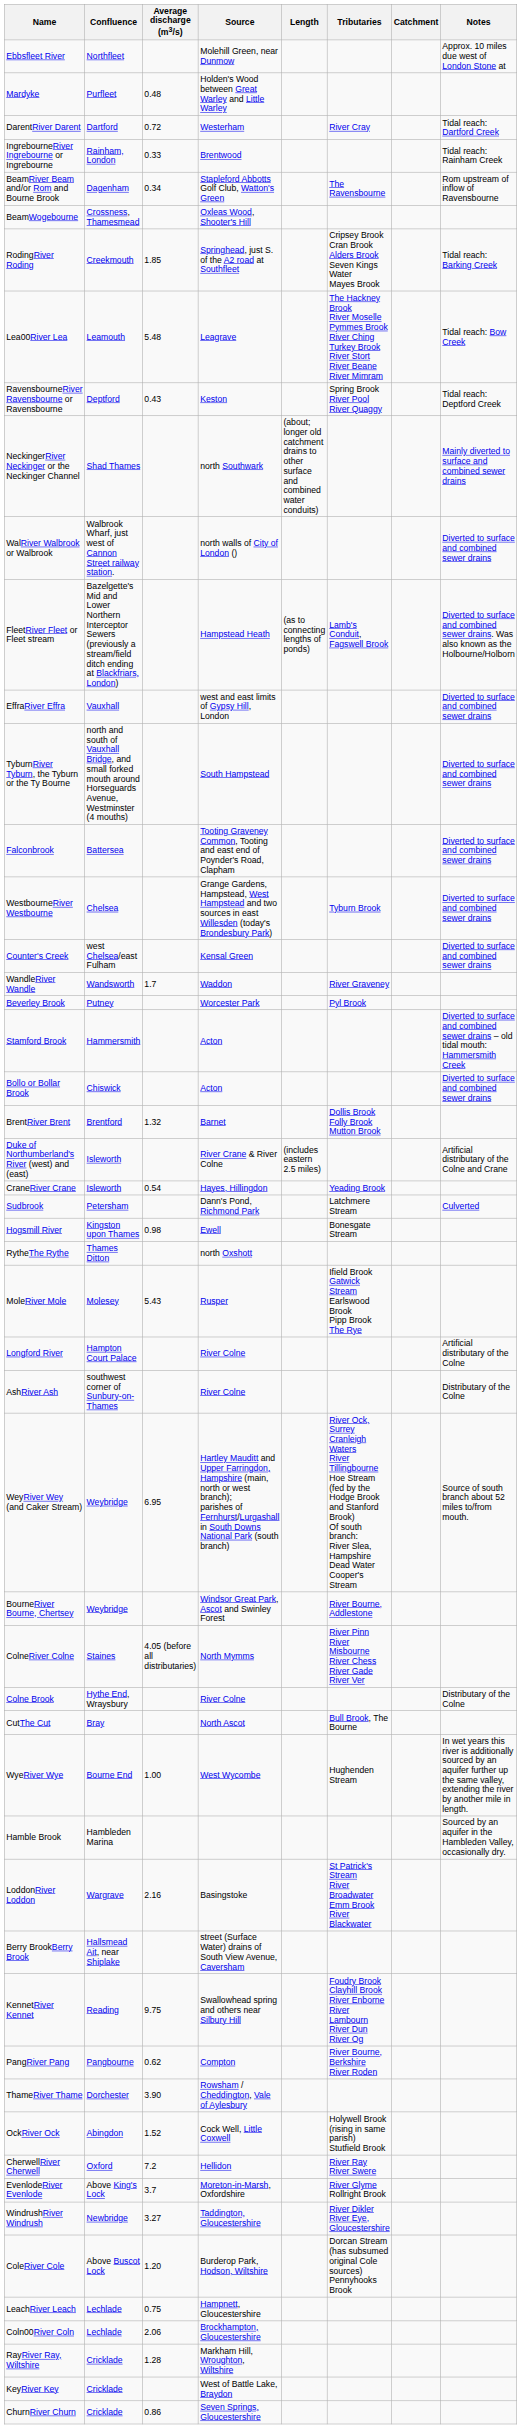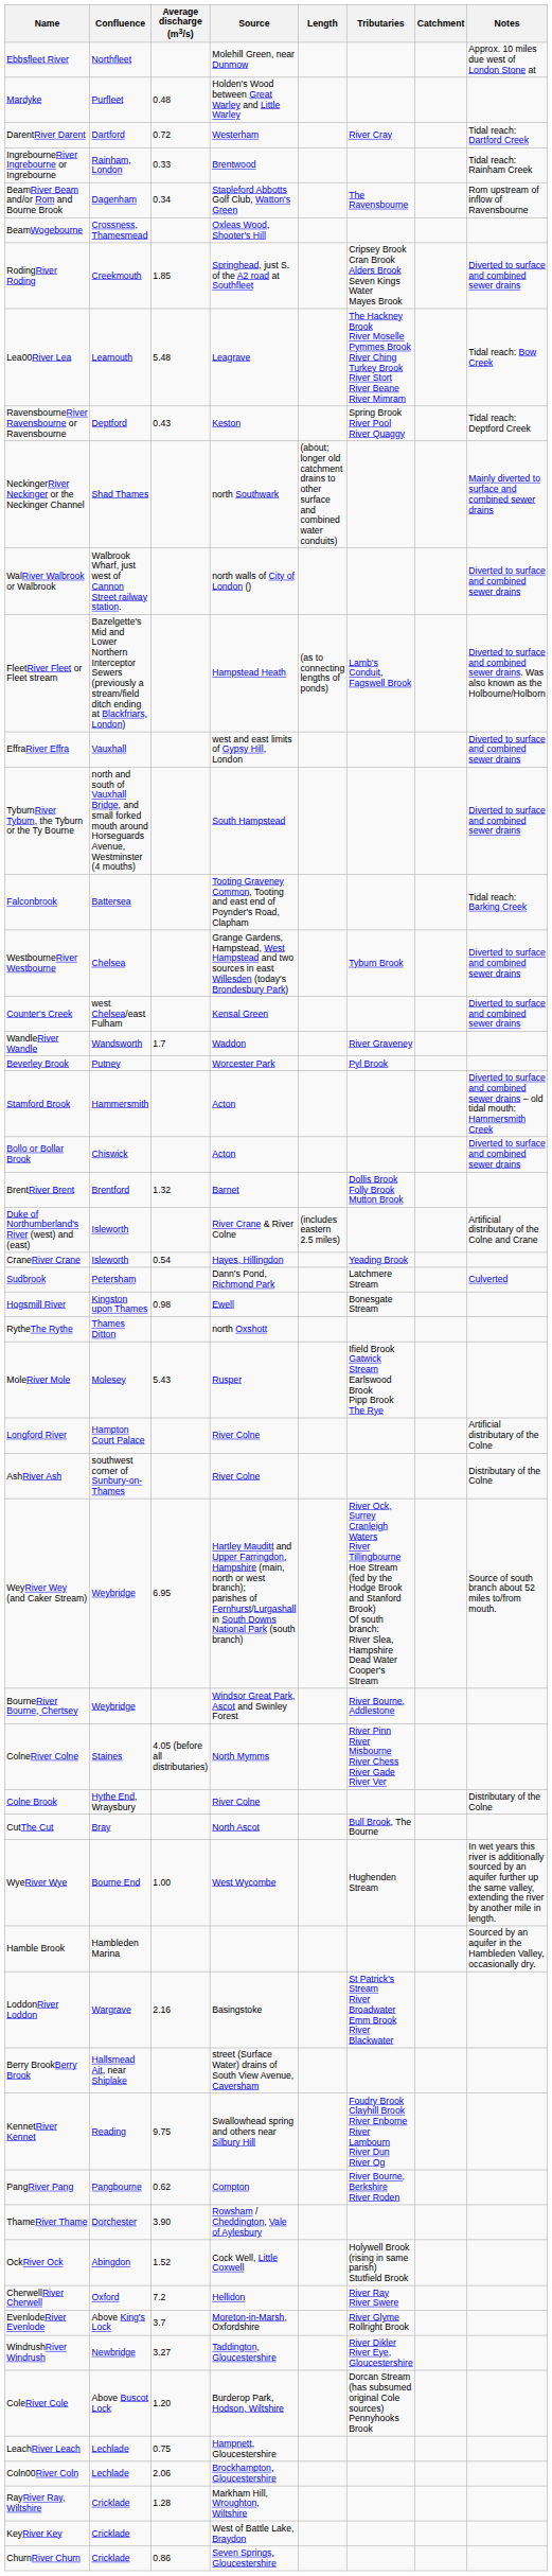 <table class="wikitable sortable">
 <tr>
 <th>Name</th>
 <th class="unsortable">Confluence</th>
 <th>Average<br>discharge<br>(m<sup>3</sup>/s)</th>
 <th class="unsortable">Source</th>
 <th>Length</th>
 <th class="unsortable">Tributaries</th>
 <th>Catchment</th>
 <th class="unsortable">Notes</th>
 </tr>
 <tr>
 <td><a href='#'>Ebbsfleet River</a></td>
 <td><a href='#'>Northfleet</a><br> </td>
 <td></td>
 <td>Molehill Green, near <a href='#'>Dunmow</a></td>
 <td></td>
 <td></td>
 <td></td>
 <td>Approx. 10 miles due west of <a href='#'>London Stone</a> at </td>
 </tr>
 <tr>
 <td><a href='#'>Mardyke</a></td>
 <td><a href='#'>Purfleet</a><br></td>
 <td>0.48</td>
 <td>Holden's Wood between <a href='#'>Great Warley</a> and <a href='#'>Little Warley</a></td>
 <td></td>
 <td></td>
 <td></td>
 <td></td>
 </tr>
 <tr>
 <td><span>Darent</span><a href='#'>River Darent</a></td>
 <td><a href='#'>Dartford</a><br></td>
 <td>0.72</td>
 <td><a href='#'>Westerham</a></td>
 <td></td>
 <td><a href='#'>River Cray</a></td>
 <td></td>
 <td>Tidal reach: <a href='#'>Dartford Creek</a></td>
 </tr>
 <tr>
 <td><span>Ingrebourne</span><a href='#'>River Ingrebourne</a> or Ingrebourne</td>
 <td><a href='#'>Rainham, London</a><br></td>
 <td>0.33</td>
 <td><a href='#'>Brentwood</a></td>
 <td></td>
 <td></td>
 <td></td>
 <td>Tidal reach: Rainham Creek</td>
 </tr>
 <tr>
 <td><span>Beam</span><a href='#'>River Beam</a> and/or <a href='#'>Rom</a> and Bourne Brook</td>
 <td><a href='#'>Dagenham</a><br></td>
 <td>0.34</td>
 <td><a href='#'>Stapleford Abbotts</a> Golf Club, <a href='#'>Watton's Green</a></td>
 <td></td>
 <td><a href='#'>The Ravensbourne</a></td>
 <td></td>
 <td>Rom upstream of inflow of Ravensbourne</td>
 </tr>
 <tr>
 <td><span>Beam</span><a href='#'>Wogebourne</a></td>
 <td><a href='#'>Crossness</a>, <a href='#'>Thamesmead</a><br></td>
 <td></td>
 <td><a href='#'>Oxleas Wood</a>, <a href='#'>Shooter's Hill</a></td>
 <td></td>
 <td></td>
 <td></td>
 <td></td>
 </tr>
 <tr>
 <td><span>Roding</span><a href='#'>River Roding</a></td>
 <td><a href='#'>Creekmouth</a><br></td>
 <td>1.85</td>
 <td><a href='#'>Springhead</a>, just S. of the <a href='#'>A2 road</a> at <a href='#'>Southfleet</a></td>
 <td></td>
 <td>Cripsey Brook<br>Cran Brook<br><a href='#'>Alders Brook</a><br> Seven Kings Water <br> Mayes Brook</td>
 <td></td>
-<td>Tidal reach: <a href='#'>Barking Creek</a></td>
+<td><a href='#'>Diverted to surface and combined sewer drains</a></td>
 </tr>
 <tr>
 <td><span>Lea00</span><a href='#'>River Lea</a></td>
 <td><a href='#'>Leamouth</a><br></td>
 <td>5.48</td>
 <td><a href='#'>Leagrave</a></td>
 <td></td>
 <td><a href='#'>The Hackney Brook</a> <br> <a href='#'>River Moselle</a> <br> <a href='#'>Pymmes Brook</a> <br> <a href='#'>River Ching</a> <br> <a href='#'>Turkey Brook</a> <br> <a href='#'>River Stort</a> <br> <a href='#'>River Beane</a> <br> <a href='#'>River Mimram</a></td>
 <td></td>
 <td>Tidal reach: <a href='#'>Bow Creek</a></td>
 </tr>
 <tr>
 <td><span>Ravensbourne</span><a href='#'>River Ravensbourne</a> or Ravensbourne</td>
 <td><a href='#'>Deptford</a><br></td>
 <td>0.43</td>
 <td><a href='#'>Keston</a></td>
 <td></td>
 <td>Spring Brook <br> <a href='#'>River Pool</a> <br> <a href='#'>River Quaggy</a></td>
 <td></td>
 <td>Tidal reach: Deptford Creek</td>
 </tr>
 <tr>
 <td><span>Neckinger</span><a href='#'>River Neckinger</a> or the Neckinger Channel</td>
 <td><a href='#'>Shad Thames</a><br></td>
 <td></td>
 <td>north <a href='#'>Southwark</a></td>
 <td> (about; longer old catchment drains to other surface and combined water conduits)</td>
 <td></td>
 <td></td>
 <td><a href='#'>Mainly diverted to surface and combined sewer drains</a></td>
 </tr>
 <tr>
 <td><span>Wal</span><a href='#'>River Walbrook</a> or Walbrook</td>
 <td>Walbrook Wharf, just west of <a href='#'>Cannon Street railway station</a>.<br></td>
 <td></td>
 <td>north walls of <a href='#'>City of London</a> ()</td>
 <td></td>
 <td></td>
 <td></td>
 <td><a href='#'>Diverted to surface and combined sewer drains</a></td>
 </tr>
 <tr>
 <td><span>Fleet</span><a href='#'>River Fleet</a> or Fleet stream</td>
 <td>Bazelgette's Mid and Lower Northern Interceptor Sewers (previously a stream/field ditch ending at <a href='#'>Blackfriars, London</a>)<br></td>
 <td></td>
 <td><a href='#'>Hampstead Heath</a></td>
 <td> (as to connecting lengths of ponds)</td>
 <td><a href='#'>Lamb's Conduit</a>, <a href='#'>Fagswell Brook</a></td>
 <td></td>
 <td><a href='#'>Diverted to surface and combined sewer drains</a>. Was also known as the Holbourne/Holborn</td>
 </tr>
 <tr>
 <td><span>Effra</span><a href='#'>River Effra</a></td>
 <td><a href='#'>Vauxhall</a><br></td>
 <td></td>
 <td>west and east limits of <a href='#'>Gypsy Hill</a>, London</td>
 <td></td>
 <td></td>
 <td></td>
 <td><a href='#'>Diverted to surface and combined sewer drains</a></td>
 </tr>
 <tr>
 <td><span>Tyburn</span><a href='#'>River Tyburn</a>, the Tyburn or the Ty Bourne</td>
 <td>north and south of <a href='#'>Vauxhall Bridge</a>, and small forked mouth around Horseguards Avenue, Westminster (4 mouths)<br></td>
 <td></td>
 <td><a href='#'>South Hampstead</a></td>
 <td></td>
 <td></td>
 <td></td>
 <td><a href='#'>Diverted to surface and combined sewer drains</a></td>
 </tr>
 <tr>
 <td><a href='#'>Falconbrook</a></td>
 <td><a href='#'>Battersea</a><br></td>
 <td></td>
 <td><a href='#'>Tooting Graveney Common</a>, Tooting and east end of Poynder's Road, Clapham</td>
 <td></td>
 <td></td>
 <td></td>
-<td><a href='#'>Diverted to surface and combined sewer drains</a></td>
+<td>Tidal reach: <a href='#'>Barking Creek</a></td>
 </tr>
 <tr>
 <td><span>Westbourne</span><a href='#'>River Westbourne</a></td>
 <td><a href='#'>Chelsea</a><br></td>
 <td></td>
 <td>Grange Gardens, Hampstead, <a href='#'>West Hampstead</a> and two sources in east <a href='#'>Willesden</a> (today's <a href='#'>Brondesbury Park</a>)</td>
 <td></td>
 <td><a href='#'>Tyburn Brook</a></td>
 <td></td>
 <td><a href='#'>Diverted to surface and combined sewer drains</a></td>
 </tr>
 <tr>
 <td><a href='#'>Counter's Creek</a></td>
 <td>west <a href='#'>Chelsea</a>/east Fulham<br></td>
 <td></td>
 <td><a href='#'>Kensal Green</a></td>
 <td></td>
 <td></td>
 <td></td>
 <td><a href='#'>Diverted to surface and combined sewer drains</a></td>
 </tr>
 <tr>
 <td><span>Wandle</span><a href='#'>River Wandle</a></td>
 <td><a href='#'>Wandsworth</a><br></td>
 <td>1.7</td>
 <td><a href='#'>Waddon</a></td>
 <td></td>
 <td><a href='#'>River Graveney</a></td>
 <td></td>
 <td></td>
 </tr>
 <tr>
 <td><a href='#'>Beverley Brook</a></td>
 <td><a href='#'>Putney</a><br></td>
 <td></td>
 <td><a href='#'>Worcester Park</a></td>
 <td></td>
 <td><a href='#'>Pyl Brook</a></td>
 <td></td>
 <td></td>
 </tr>
 <tr>
 <td><a href='#'>Stamford Brook</a></td>
 <td><a href='#'>Hammersmith</a><br></td>
 <td></td>
 <td><a href='#'>Acton</a></td>
 <td></td>
 <td></td>
 <td></td>
 <td><a href='#'>Diverted to surface and combined sewer drains</a> – old tidal mouth: <a href='#'>Hammersmith Creek</a></td>
 </tr>
 <tr>
 <td><a href='#'>Bollo or Bollar Brook</a></td>
 <td><a href='#'>Chiswick</a><br></td>
 <td></td>
 <td><a href='#'>Acton</a></td>
 <td></td>
 <td></td>
 <td></td>
 <td><a href='#'>Diverted to surface and combined sewer drains</a></td>
 </tr>
 <tr>
 <td><span>Brent</span><a href='#'>River Brent</a></td>
 <td><a href='#'>Brentford</a><br></td>
 <td>1.32</td>
 <td><a href='#'>Barnet</a></td>
 <td></td>
 <td><a href='#'>Dollis Brook</a> <br><a href='#'>Folly Brook</a> <br> <a href='#'>Mutton Brook</a></td>
 <td></td>
 <td></td>
 </tr>
 <tr>
 <td><a href='#'>Duke of Northumberland's River</a> (west) and (east)</td>
 <td><a href='#'>Isleworth</a><br></td>
 <td></td>
 <td><a href='#'>River Crane</a> & River Colne</td>
 <td> (includes eastern 2.5 miles)</td>
 <td></td>
 <td></td>
 <td>Artificial distributary of the Colne and Crane</td>
 </tr>
 <tr>
 <td><span>Crane</span><a href='#'>River Crane</a></td>
 <td><a href='#'>Isleworth</a><br></td>
 <td>0.54</td>
 <td><a href='#'>Hayes, Hillingdon</a></td>
 <td></td>
 <td><a href='#'>Yeading Brook</a></td>
 <td></td>
 <td></td>
 </tr>
 <tr>
 <td><a href='#'>Sudbrook</a></td>
 <td><a href='#'>Petersham</a><br></td>
 <td></td>
 <td>Dann's Pond, <a href='#'>Richmond Park</a></td>
 <td></td>
 <td>Latchmere Stream</td>
 <td></td>
 <td><a href='#'>Culverted</a></td>
 </tr>
 <tr>
 <td><a href='#'>Hogsmill River</a></td>
 <td><a href='#'>Kingston upon Thames</a><br></td>
 <td>0.98</td>
 <td><a href='#'>Ewell</a></td>
 <td></td>
 <td>Bonesgate Stream</td>
 <td></td>
 <td></td>
 </tr>
 <tr>
 <td><span>Rythe</span><a href='#'>The Rythe</a></td>
 <td><a href='#'>Thames Ditton</a><br></td>
 <td></td>
 <td>north <a href='#'>Oxshott</a></td>
 <td></td>
 <td></td>
 <td></td>
 <td></td>
 </tr>
 <tr>
 <td><span>Mole</span><a href='#'>River Mole</a></td>
 <td><a href='#'>Molesey</a><br></td>
 <td>5.43</td>
 <td><a href='#'>Rusper</a></td>
 <td></td>
 <td>Ifield Brook<br><a href='#'>Gatwick Stream</a><br>Earlswood Brook<br>Pipp Brook<br> <a href='#'>The Rye</a></td>
 <td></td>
 <td></td>
 </tr>
 <tr>
 <td><a href='#'>Longford River</a></td>
 <td><a href='#'>Hampton Court Palace</a><br></td>
 <td></td>
 <td><a href='#'>River Colne</a></td>
 <td></td>
 <td></td>
 <td></td>
 <td>Artificial distributary of the Colne</td>
 </tr>
 <tr>
 <td><span>Ash</span><a href='#'>River Ash</a></td>
 <td>southwest corner of <a href='#'>Sunbury-on-Thames</a><br></td>
 <td></td>
 <td><a href='#'>River Colne</a></td>
 <td></td>
 <td></td>
 <td></td>
 <td>Distributary of the Colne</td>
 </tr>
 <tr>
 <td><span>Wey</span><a href='#'>River Wey</a> (and Caker Stream)</td>
 <td><a href='#'>Weybridge</a><br></td>
 <td>6.95</td>
 <td><a href='#'>Hartley Mauditt</a> and <a href='#'>Upper Farringdon, Hampshire</a> (main, north or west branch);<br>parishes of <a href='#'>Fernhurst</a>/<a href='#'>Lurgashall</a> in <a href='#'>South Downs National Park</a> (south branch)</td>
 <td></td>
 <td><a href='#'>River Ock, Surrey</a> <br> <a href='#'>Cranleigh Waters</a><br><a href='#'>River Tillingbourne</a> <br> Hoe Stream (fed by the Hodge Brook and Stanford Brook)<br>Of south branch:<br>River Slea, Hampshire<br>Dead Water<br>Cooper's Stream</td>
 <td></td>
 <td>Source of south branch about 52 miles to/from mouth.</td>
 </tr>
 <tr>
 <td><span>Bourne</span><a href='#'>River Bourne, Chertsey</a></td>
 <td><a href='#'>Weybridge</a><br></td>
 <td></td>
 <td><a href='#'>Windsor Great Park</a>, <a href='#'>Ascot</a> and Swinley Forest</td>
 <td></td>
 <td><a href='#'>River Bourne, Addlestone</a></td>
 <td></td>
 <td></td>
 </tr>
 <tr>
 <td><span>Colne</span><a href='#'>River Colne</a></td>
 <td><a href='#'>Staines</a><br></td>
 <td>4.05 (before all distributaries)</td>
 <td><a href='#'>North Mymms</a></td>
 <td></td>
 <td><a href='#'>River Pinn</a><br> <a href='#'>River Misbourne</a><br> <a href='#'>River Chess</a><br> <a href='#'>River Gade</a><br> <a href='#'>River Ver</a></td>
 <td></td>
 <td></td>
 </tr>
 <tr>
 <td><a href='#'>Colne Brook</a></td>
 <td><a href='#'>Hythe End</a>, Wraysbury<br></td>
 <td></td>
 <td><a href='#'>River Colne</a></td>
 <td></td>
 <td></td>
 <td></td>
 <td>Distributary of the Colne</td>
 </tr>
 <tr>
 <td><span>Cut</span><a href='#'>The Cut</a></td>
 <td><a href='#'>Bray</a><br></td>
 <td></td>
 <td><a href='#'>North Ascot</a></td>
 <td></td>
 <td><a href='#'>Bull Brook</a>, The Bourne</td>
 <td></td>
 <td></td>
 </tr>
 <tr>
 <td><span>Wye</span><a href='#'>River Wye</a></td>
 <td><a href='#'>Bourne End</a><br></td>
 <td>1.00</td>
 <td><a href='#'>West Wycombe</a><br></td>
 <td></td>
 <td>Hughenden Stream</td>
 <td></td>
 <td>In wet years this river is additionally sourced by an aquifer further up the same valley, extending the river by another mile in length.</td>
 </tr>
 <tr>
 <td>Hamble Brook</td>
 <td>Hambleden Marina<br></td>
 <td></td>
 <td></td>
 <td></td>
 <td></td>
 <td></td>
 <td>Sourced by an aquifer in the Hambleden Valley, occasionally dry.</td>
 </tr>
 <tr>
 <td><span>Loddon</span><a href='#'>River Loddon</a></td>
 <td><a href='#'>Wargrave</a><br></td>
 <td>2.16</td>
 <td>Basingstoke</td>
 <td></td>
 <td><a href='#'>St Patrick's Stream</a><br> <a href='#'>River Broadwater</a><br> <a href='#'>Emm Brook</a><br> <a href='#'>River Blackwater</a></td>
 <td></td>
 <td></td>
 </tr>
 <tr>
 <td><span>Berry Brook</span><a href='#'>Berry Brook</a></td>
 <td><a href='#'>Hallsmead Ait</a>, near <a href='#'>Shiplake</a><br></td>
 <td></td>
 <td>street (Surface Water) drains of South View Avenue, <a href='#'>Caversham</a></td>
 <td></td>
 <td></td>
 <td></td>
 <td></td>
 </tr>
 <tr>
 <td><span>Kennet</span><a href='#'>River Kennet</a></td>
 <td><a href='#'>Reading</a><br></td>
 <td>9.75</td>
 <td>Swallowhead spring and others near <a href='#'>Silbury Hill</a></td>
 <td></td>
 <td><a href='#'>Foudry Brook</a><br> <a href='#'>Clayhill Brook</a><br> <a href='#'>River Enborne</a><br> <a href='#'>River Lambourn</a><br> <a href='#'>River Dun</a><br> <a href='#'>River Og</a></td>
 <td></td>
 <td></td>
 </tr>
 <tr>
 <td><span>Pang</span><a href='#'>River Pang</a></td>
 <td><a href='#'>Pangbourne</a><br></td>
 <td>0.62</td>
 <td><a href='#'>Compton</a></td>
 <td></td>
 <td><a href='#'>River Bourne, Berkshire</a> <br> <a href='#'>River Roden</a></td>
 <td></td>
 <td></td>
 </tr>
 <tr>
 <td><span>Thame</span><a href='#'>River Thame</a></td>
 <td><a href='#'>Dorchester</a><br></td>
 <td>3.90</td>
 <td><a href='#'>Rowsham</a> / <a href='#'>Cheddington</a>, <a href='#'>Vale of Aylesbury</a></td>
 <td></td>
 <td></td>
 <td></td>
 <td></td>
 </tr>
 <tr>
 <td><span>Ock</span><a href='#'>River Ock</a></td>
 <td><a href='#'>Abingdon</a><br></td>
 <td>1.52</td>
 <td>Cock Well, <a href='#'>Little Coxwell</a></td>
 <td></td>
 <td>Holywell Brook (rising in same parish)<br>Stutfield Brook</td>
 <td></td>
 <td></td>
 </tr>
 <tr>
 <td><span>Cherwell</span><a href='#'>River Cherwell</a></td>
 <td><a href='#'>Oxford</a><br></td>
 <td>7.2</td>
 <td><a href='#'>Hellidon</a></td>
 <td></td>
 <td><a href='#'>River Ray</a><br> <a href='#'>River Swere</a></td>
 <td></td>
 <td></td>
 </tr>
 <tr>
 <td><span>Evenlode</span><a href='#'>River Evenlode</a></td>
 <td>Above <a href='#'>King's Lock</a><br></td>
 <td>3.7</td>
 <td><a href='#'>Moreton-in-Marsh</a>, Oxfordshire</td>
 <td></td>
 <td><a href='#'>River Glyme</a><br>Rollright Brook</td>
 <td></td>
 <td></td>
 </tr>
 <tr>
 <td><span>Windrush</span><a href='#'>River Windrush</a></td>
 <td><a href='#'>Newbridge</a><br></td>
 <td>3.27</td>
 <td><a href='#'>Taddington, Gloucestershire</a></td>
 <td></td>
 <td><a href='#'>River Dikler</a><br><a href='#'>River Eye, Gloucestershire</a></td>
 <td></td>
 <td></td>
 </tr>
 <tr>
 <td><span>Cole</span><a href='#'>River Cole</a></td>
 <td>Above <a href='#'>Buscot Lock</a><br></td>
 <td>1.20</td>
 <td>Burderop Park, <a href='#'>Hodson, Wiltshire</a></td>
 <td></td>
 <td>Dorcan Stream (has subsumed original Cole sources)<br>Pennyhooks Brook</td>
 <td></td>
 <td></td>
 </tr>
 <tr>
 <td><span>Leach</span><a href='#'>River Leach</a></td>
 <td><a href='#'>Lechlade</a><br></td>
 <td>0.75</td>
 <td><a href='#'>Hampnett</a>, Gloucestershire</td>
 <td></td>
 <td></td>
 <td></td>
 <td></td>
 </tr>
 <tr>
 <td><span>Coln00</span><a href='#'>River Coln</a></td>
 <td><a href='#'>Lechlade</a><br></td>
 <td>2.06</td>
 <td><a href='#'>Brockhampton, Gloucestershire</a></td>
 <td></td>
 <td></td>
 <td></td>
 <td></td>
 </tr>
 <tr>
 <td><span>Ray</span><a href='#'>River Ray, Wiltshire</a></td>
 <td><a href='#'>Cricklade</a><br></td>
 <td>1.28</td>
 <td>Markham Hill, <a href='#'>Wroughton</a>, <a href='#'>Wiltshire</a></td>
 <td></td>
 <td></td>
 <td></td>
 <td></td>
 </tr>
 <tr>
 <td><span>Key</span><a href='#'>River Key</a></td>
 <td><a href='#'>Cricklade</a><br></td>
 <td></td>
 <td>West of Battle Lake, <a href='#'>Braydon</a></td>
 <td></td>
 <td></td>
 <td></td>
 <td></td>
 </tr>
 <tr>
 <td><span>Churn</span><a href='#'>River Churn</a></td>
 <td><a href='#'>Cricklade</a><br></td>
 <td>0.86</td>
 <td><a href='#'>Seven Springs, Gloucestershire</a></td>
 <td></td>
 <td></td>
 <td></td>
 <td></td>
 </tr>
 </table>
